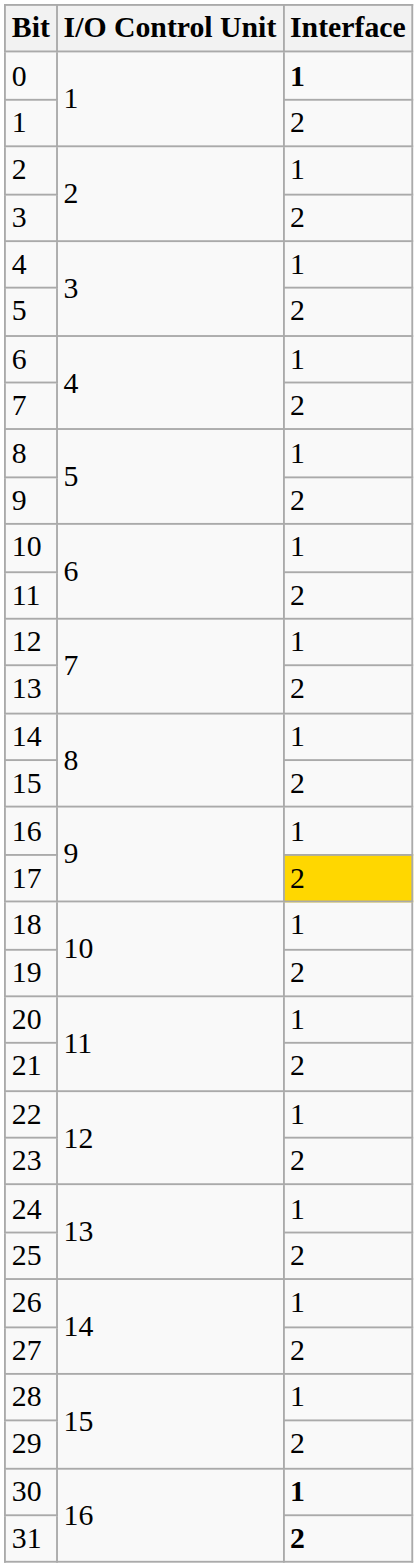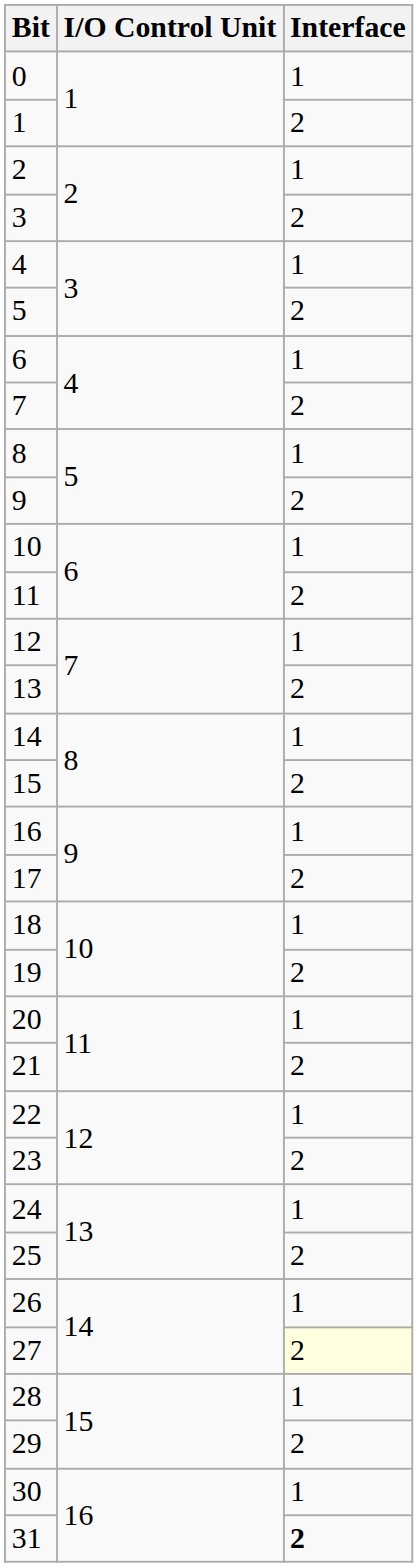 <table class="wikitable">
 <tr>
 <th>Bit</th>
 <th>I/O Control Unit</th>
 <th>Interface</th>
 </tr>
 <tr>
 <td>0</td>
 <td rowspan=2>1</td>
-<td><strong>1</strong></td>
+<td>1</td>
 </tr>
 <tr>
 <td>1</td>
 <td>2</td>
 </tr>
 <tr>
 <td>2</td>
 <td rowspan=2>2</td>
 <td>1</td>
 </tr>
 <tr>
 <td>3</td>
 <td>2</td>
 </tr>
 <tr>
 <td>4</td>
 <td rowspan=2>3</td>
 <td>1</td>
 </tr>
 <tr>
 <td>5</td>
 <td>2</td>
 </tr>
 <tr>
 <td>6</td>
 <td rowspan=2>4</td>
 <td>1</td>
 </tr>
 <tr>
 <td>7</td>
 <td>2</td>
 </tr>
 <tr>
 <td>8</td>
 <td rowspan=2>5</td>
 <td>1</td>
 </tr>
 <tr>
 <td>9</td>
 <td>2</td>
 </tr>
 <tr>
 <td>10</td>
 <td rowspan=2>6</td>
 <td>1</td>
 </tr>
 <tr>
 <td>11</td>
 <td>2</td>
 </tr>
 <tr>
 <td>12</td>
 <td rowspan=2>7</td>
 <td>1</td>
 </tr>
 <tr>
 <td>13</td>
 <td>2</td>
 </tr>
 <tr>
 <td>14</td>
 <td rowspan=2>8</td>
 <td>1</td>
 </tr>
 <tr>
 <td>15</td>
 <td>2</td>
 </tr>
 <tr>
 <td>16</td>
 <td rowspan=2>9</td>
 <td>1</td>
 </tr>
 <tr>
 <td>17</td>
-<td style="background: gold;">2</td>
+<td>2</td>
 </tr>
 <tr>
 <td>18</td>
 <td rowspan=2>10</td>
 <td>1</td>
 </tr>
 <tr>
 <td>19</td>
 <td>2</td>
 </tr>
 <tr>
 <td>20</td>
 <td rowspan=2>11</td>
 <td>1</td>
 </tr>
 <tr>
 <td>21</td>
 <td>2</td>
 </tr>
 <tr>
 <td>22</td>
 <td rowspan=2>12</td>
 <td>1</td>
 </tr>
 <tr>
 <td>23</td>
 <td>2</td>
 </tr>
 <tr>
 <td>24</td>
 <td rowspan=2>13</td>
 <td>1</td>
 </tr>
 <tr>
 <td>25</td>
 <td>2</td>
 </tr>
 <tr>
 <td>26</td>
 <td rowspan=2>14</td>
 <td>1</td>
 </tr>
 <tr>
 <td>27</td>
-<td>2</td>
+<td style="background: lightyellow;">2</td>
 </tr>
 <tr>
 <td>28</td>
 <td rowspan=2>15</td>
 <td>1</td>
 </tr>
 <tr>
 <td>29</td>
 <td>2</td>
 </tr>
 <tr>
 <td>30</td>
 <td rowspan=2>16</td>
-<td><strong>1</strong></td>
+<td>1</td>
 </tr>
 <tr>
 <td>31</td>
 <td><strong>2</strong></td>
 </tr>
 </table>
